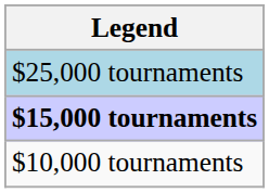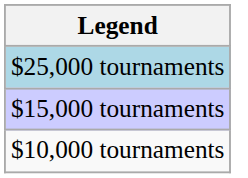 <table class=wikitable style="font-size:85%">
 <tr>
 <th>Legend</th>
 </tr>
 <tr style="background:lightblue;">
 <td>$25,000 tournaments</td>
 </tr>
 <tr style="background:#ccf;">
-<td><strong>$15,000 tournaments</strong></td>
+<td>$15,000 tournaments</td>
 </tr>
 <tr style="background:#fof8ff;">
 <td>$10,000 tournaments</td>
 </tr>
 </table>
